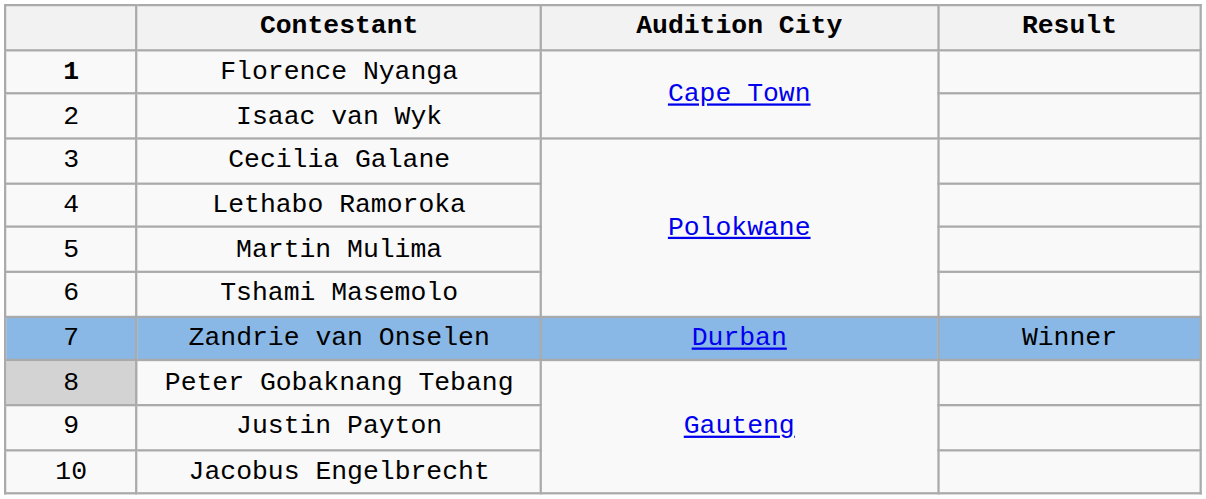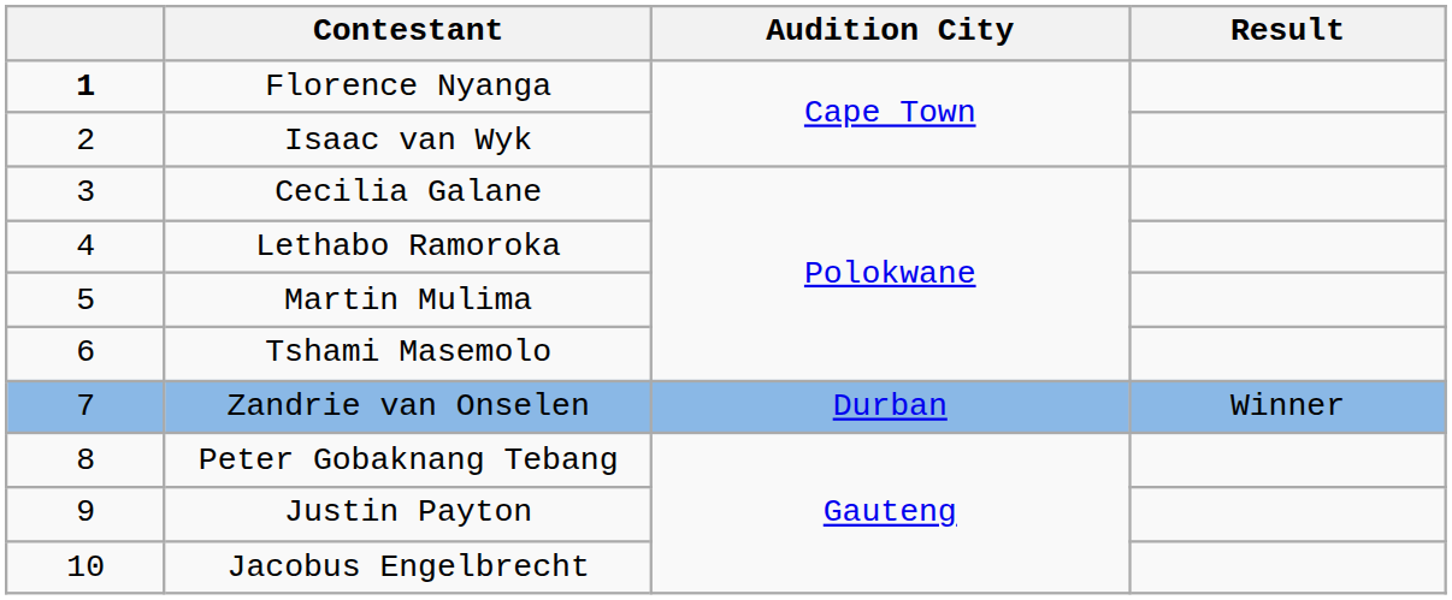 <table class="wikitable" style="font-size:90%; width:60%; text-align: center;">
 <tr>
 <th width="05%"></th>
 <th width="15%">Contestant</th>
 <th width="15%">Audition City</th>
 <th width="10%">Result</th>
 </tr>
 <tr>
 <td><strong>1</strong></td>
 <td>Florence Nyanga</td>
 <td rowspan="2"><a href='#'>Cape Town</a></td>
 <td></td>
 </tr>
 <tr>
 <td>2</td>
 <td>Isaac van Wyk</td>
 <td></td>
 </tr>
 <tr>
 <td>3</td>
 <td>Cecilia Galane</td>
 <td rowspan="4"><a href='#'>Polokwane</a></td>
 <td></td>
 </tr>
 <tr>
 <td>4</td>
 <td>Lethabo Ramoroka</td>
 <td></td>
 </tr>
 <tr>
 <td>5</td>
 <td>Martin Mulima</td>
 <td></td>
 </tr>
 <tr>
 <td>6</td>
 <td>Tshami Masemolo</td>
 <td></td>
 </tr>
 <tr>
 <td bgcolor="8AB8E6">7</td>
 <td bgcolor="8AB8E6">Zandrie van Onselen</td>
 <td bgcolor="8AB8E6"><a href='#'>Durban</a></td>
 <td bgcolor="8AB8E6">Winner</td>
 </tr>
 <tr>
-<td style="background: lightgrey;">8</td>
+<td>8</td>
 <td>Peter Gobaknang Tebang</td>
 <td rowspan="3"><a href='#'>Gauteng</a></td>
 <td></td>
 </tr>
 <tr>
 <td>9</td>
 <td>Justin Payton</td>
 <td></td>
 </tr>
 <tr>
 <td>10</td>
 <td>Jacobus Engelbrecht</td>
 <td></td>
 </tr>
 </table>
